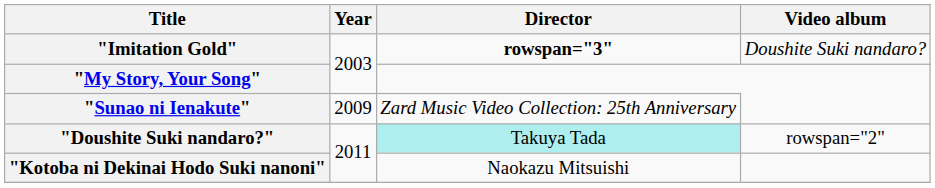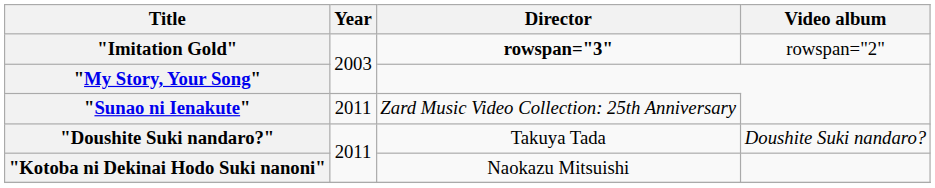 <table class="wikitable sortable plainrowheaders" style="text-align:center;">
 <tr>
 <th scope="col">Title</th>
 <th scope="col" style="width:2em;">Year</th>
 <th scope="col">Director</th>
 <th scope="col" class="unsortable">Video album</th>
 </tr>
 <tr>
 <th scope="row">"Imitation Gold"<br></th>
 <td rowspan="2">2003</td>
 <td><strong>rowspan="3" </strong></td>
-<td><em>Doushite Suki nandaro?</em></td>
+<td>rowspan="2" </td>
 </tr>
 <tr>
 <th scope="row">"<a href='#'>My Story, Your Song</a>"<br></th>
 </tr>
 <tr>
 <th scope="row">"<a href='#'>Sunao ni Ienakute</a>"<br></th>
-<td>2009</td>
+<td>2011</td>
 <td><em>Zard Music Video Collection: 25th Anniversary</em></td>
 </tr>
 <tr>
 <th scope="row">"Doushite Suki nandaro?"<br></th>
 <td rowspan="2">2011</td>
-<td style="background: paleturquoise;">Takuya Tada</td>
-<td>rowspan="2" </td>
+<td>Takuya Tada</td>
+<td><em>Doushite Suki nandaro?</em></td>
 </tr>
 <tr>
 <th scope="row">"Kotoba ni Dekinai Hodo Suki nanoni"<br></th>
 <td>Naokazu Mitsuishi</td>
 <td></td>
 </tr>
 <tr>
 </tr>
 </table>
